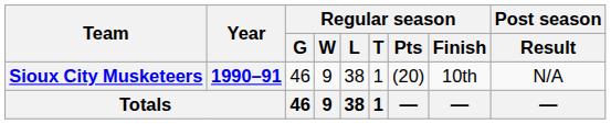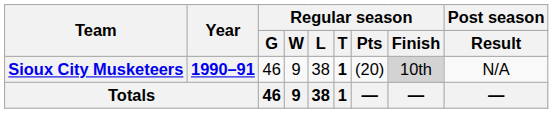 <table class="wikitable" style="font-size: 95%; text-align:center;">
 <tr>
 <th rowspan="2">Team</th>
 <th rowspan="2">Year</th>
 <th colspan="6">Regular season</th>
 <th colspan="1">Post season</th>
 </tr>
 <tr>
 <th>G</th>
 <th>W</th>
 <th>L</th>
 <th>T</th>
 <th>Pts</th>
 <th>Finish</th>
 <th>Result</th>
 </tr>
 <tr>
 <th><a href='#'>Sioux City Musketeers</a></th>
 <th><a href='#'>1990–91</a></th>
 <td>46</td>
 <td>9</td>
 <td>38</td>
-<td>1</td>
+<td><strong>1</strong></td>
 <td>(20)</td>
-<td>10th</td>
+<td style="background: lightgrey;">10th</td>
 <td>N/A</td>
 </tr>
 <tr bgcolor="#e0e0e0">
 <th colspan="2">Totals</th>
 <th>46</th>
 <th>9</th>
 <th>38</th>
 <th>1</th>
 <th>—</th>
 <th>—</th>
 <th>—</th>
 </tr>
 </table>
